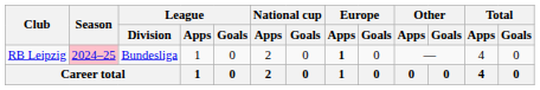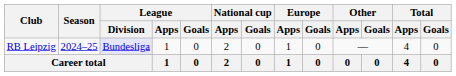 <table class="wikitable" style="text-align:center">
 <tr>
 <th rowspan="2">Club</th>
 <th rowspan="2">Season</th>
 <th colspan="3">League</th>
 <th colspan="2">National cup</th>
 <th colspan="2">Europe</th>
 <th colspan="2">Other</th>
 <th colspan="2">Total</th>
 </tr>
 <tr>
 <th>Division</th>
 <th>Apps</th>
 <th>Goals</th>
 <th>Apps</th>
 <th>Goals</th>
 <th>Apps</th>
 <th>Goals</th>
 <th>Apps</th>
 <th>Goals</th>
 <th>Apps</th>
 <th>Goals</th>
 </tr>
 <tr>
 <td><a href='#'>RB Leipzig</a></td>
-<td style="background: pink;"><a href='#'>2024–25</a></td>
-<td><a href='#'>Bundesliga</a></td>
+<td><a href='#'>2024–25</a></td>
+<td style="background: lavender;"><a href='#'>Bundesliga</a></td>
 <td>1</td>
 <td>0</td>
 <td>2</td>
 <td>0</td>
-<td><strong>1</strong></td>
+<td>1</td>
 <td>0</td>
 <td colspan="2">—</td>
 <td>4</td>
 <td>0</td>
 </tr>
 <tr>
 <th colspan="3">Career total</th>
 <th>1</th>
 <th>0</th>
 <th>2</th>
 <th>0</th>
 <th>1</th>
 <th>0</th>
 <th>0</th>
 <th>0</th>
 <th>4</th>
 <th>0</th>
 </tr>
 </table>
